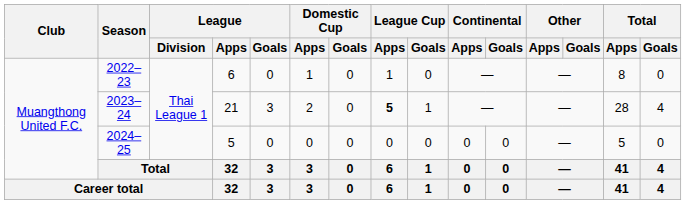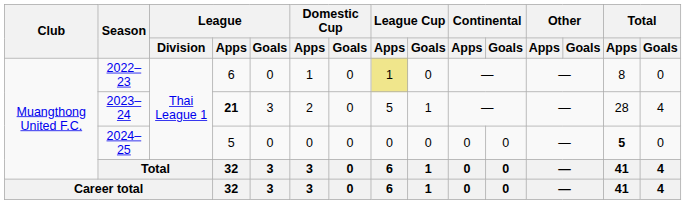 <table class="wikitable" style="text-align:center">
 <tr>
 <th rowspan="2">Club</th>
 <th rowspan="2">Season</th>
 <th colspan="3">League</th>
 <th colspan="2">Domestic Cup</th>
 <th colspan="2">League Cup</th>
 <th colspan="2">Continental</th>
 <th colspan="2">Other</th>
 <th colspan="2">Total</th>
 </tr>
 <tr>
 <th>Division</th>
 <th>Apps</th>
 <th>Goals</th>
 <th>Apps</th>
 <th>Goals</th>
 <th>Apps</th>
 <th>Goals</th>
 <th>Apps</th>
 <th>Goals</th>
 <th>Apps</th>
 <th>Goals</th>
 <th>Apps</th>
 <th>Goals</th>
 </tr>
 <tr>
 <td rowspan="4"><a href='#'>Muangthong United F.C.</a></td>
 <td><a href='#'>2022–23</a></td>
 <td rowspan="3"><a href='#'>Thai League 1</a></td>
 <td>6</td>
 <td>0</td>
 <td>1</td>
 <td>0</td>
-<td>1</td>
+<td style="background: khaki;">1</td>
 <td>0</td>
 <td colspan="2">—</td>
 <td colspan="2">—</td>
 <td>8</td>
 <td>0</td>
 </tr>
 <tr>
 <td><a href='#'>2023–24</a></td>
-<td>21</td>
+<td><strong>21</strong></td>
 <td>3</td>
 <td>2</td>
 <td>0</td>
-<td><strong>5</strong></td>
+<td>5</td>
 <td>1</td>
 <td colspan="2">—</td>
 <td colspan="2">—</td>
 <td>28</td>
 <td>4</td>
 </tr>
 <tr>
 <td><a href='#'>2024–25</a></td>
 <td>5</td>
 <td>0</td>
 <td>0</td>
 <td>0</td>
 <td>0</td>
 <td>0</td>
 <td>0</td>
 <td>0</td>
 <td colspan="2">—</td>
-<td>5</td>
+<td><strong>5</strong></td>
 <td>0</td>
 </tr>
 <tr>
 <th colspan="2">Total</th>
 <th>32</th>
 <th>3</th>
 <th>3</th>
 <th>0</th>
 <th>6</th>
 <th>1</th>
 <th>0</th>
 <th>0</th>
 <th colspan="2">—</th>
 <th>41</th>
 <th>4</th>
 </tr>
 <tr>
 <th colspan="3">Career total</th>
 <th>32</th>
 <th>3</th>
 <th>3</th>
 <th>0</th>
 <th>6</th>
 <th>1</th>
 <th>0</th>
 <th>0</th>
 <th colspan="2">—</th>
 <th>41</th>
 <th>4</th>
 </tr>
 </table>
